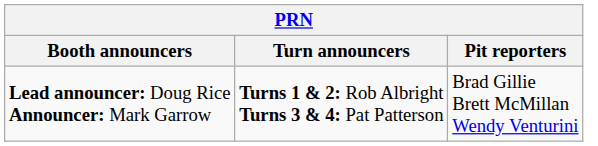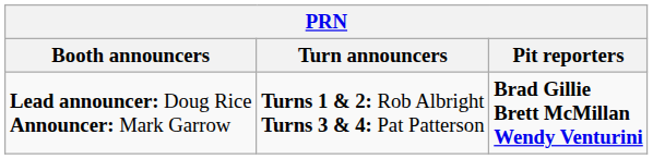 <table class="wikitable" style="font-size: 95%;">
 <tr>
 <th colspan="3"><a href='#'>PRN</a></th>
 </tr>
 <tr>
 <th>Booth announcers</th>
 <th>Turn announcers</th>
 <th>Pit reporters</th>
 </tr>
 <tr>
 <td><strong>Lead announcer:</strong> Doug Rice<br><strong>Announcer:</strong> Mark Garrow</td>
 <td><strong>Turns 1 & 2:</strong> Rob Albright<br><strong>Turns 3 & 4:</strong> Pat Patterson</td>
-<td>Brad Gillie<br>Brett McMillan<br><a href='#'>Wendy Venturini</a></td>
+<td><strong>Brad Gillie<br>Brett McMillan<br><a href='#'>Wendy Venturini</a></strong></td>
 </tr>
 </table>
